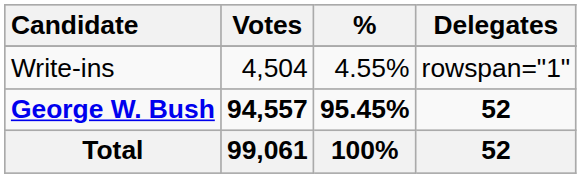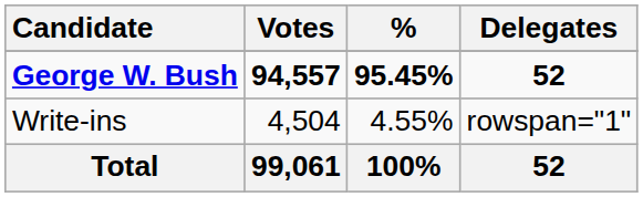 <table class="wikitable sortable plainrowheaders" style="text-align:right;">
 <tr>
 <th style="text-align:left;">Candidate</th>
 <th>Votes</th>
 <th>%</th>
 <th>Delegates</th>
 </tr>
 <tr>
 </tr>
 <tr>
+<td style="text-align:left;"><strong><a href='#'>George W. Bush</a></strong></td>
+<td><strong>94,557</strong></td>
+<td><strong>95.45%</strong></td>
+<td style="text-align:center;"><strong>52</strong></td>
+</tr>
+<tr>
 <td style="text-align:left;">Write-ins</td>
 <td>4,504</td>
 <td>4.55%</td>
 <td>rowspan="1" </td>
-</tr>
-<tr>
-<td style="text-align:left;"><strong><a href='#'>George W. Bush</a></strong></td>
-<td><strong>94,557</strong></td>
-<td><strong>95.45%</strong></td>
-<td style="text-align:center;"><strong>52</strong></td>
 </tr>
 <tr class="sortbottom">
 <th>Total</th>
 <th>99,061</th>
 <th>100%</th>
 <th>52</th>
 </tr>
 </table>
